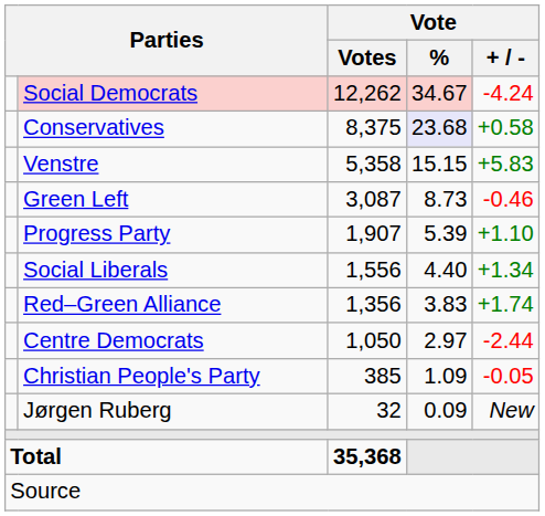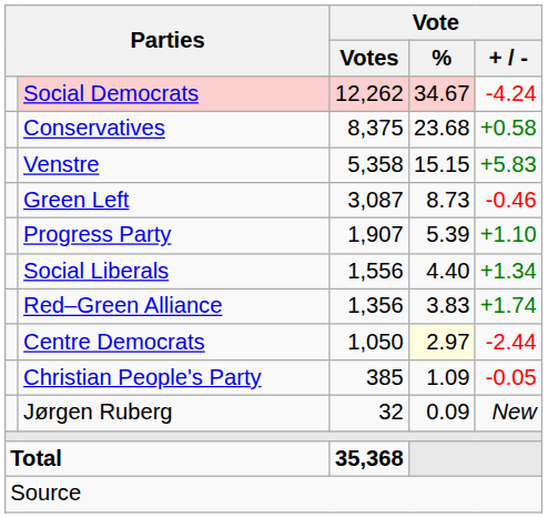 <table class="wikitable" style="text-align:right;">
 <tr>
 <th style="text-align:centre;" rowspan="2" colspan="2" width="225">Parties</th>
 <th colspan="3">Vote</th>
 </tr>
 <tr>
 <th width="15">Votes</th>
 <th width="15">%</th>
 <th width="15">+ / -</th>
 </tr>
 <tr>
 <td width="2" style="color:inherit;background:"></td>
 <td bgcolor=#fbd0ce  align="left"><a href='#'>Social Democrats</a></td>
 <td bgcolor=#fbd0ce>12,262</td>
 <td bgcolor=#fbd0ce>34.67</td>
 <td style=color:red;>-4.24</td>
 </tr>
 <tr>
 <td width="2" style="color:inherit;background:"></td>
 <td align="left"><a href='#'>Conservatives</a></td>
 <td>8,375</td>
-<td style="background: lavender;">23.68</td>
+<td>23.68</td>
 <td style=color:green;>+0.58</td>
 </tr>
 <tr>
 <td width="2" style="color:inherit;background:"></td>
 <td align="left"><a href='#'>Venstre</a></td>
 <td>5,358</td>
 <td>15.15</td>
 <td style=color:green;>+5.83</td>
 </tr>
 <tr>
 <td width="2" style="color:inherit;background:"></td>
 <td align="left"><a href='#'>Green Left</a></td>
 <td>3,087</td>
 <td>8.73</td>
 <td style=color:red;>-0.46</td>
 </tr>
 <tr>
 <td width="2" style="color:inherit;background:"></td>
 <td align="left"><a href='#'>Progress Party</a></td>
 <td>1,907</td>
 <td>5.39</td>
 <td style=color:green;>+1.10</td>
 </tr>
 <tr>
 <td width="2" style="color:inherit;background:"></td>
 <td align="left"><a href='#'>Social Liberals</a></td>
 <td>1,556</td>
 <td>4.40</td>
 <td style=color:green;>+1.34</td>
 </tr>
 <tr>
 <td width="2" style="color:inherit;background:"></td>
 <td align="left"><a href='#'>Red–Green Alliance</a></td>
 <td>1,356</td>
 <td>3.83</td>
 <td style=color:green;>+1.74</td>
 </tr>
 <tr>
 <td width="2" style="color:inherit;background:"></td>
 <td align="left"><a href='#'>Centre Democrats</a></td>
 <td>1,050</td>
-<td>2.97</td>
+<td style="background: lightyellow;">2.97</td>
 <td style=color:red;>-2.44</td>
 </tr>
 <tr>
 <td width="2" style="color:inherit;background:"></td>
 <td align="left"><a href='#'>Christian People's Party</a></td>
 <td>385</td>
 <td>1.09</td>
 <td style=color:red;>-0.05</td>
 </tr>
 <tr>
 <td width="2" style="color:inherit;background:"></td>
 <td align="left">Jørgen Ruberg</td>
 <td>32</td>
 <td>0.09</td>
 <td><em>New</em></td>
 </tr>
 <tr>
 <td colspan="7" bgcolor="#E9E9E9"></td>
 </tr>
 <tr>
 <td align="left" colspan="2"><strong>Total</strong></td>
 <td><strong>35,368</strong></td>
 <td bgcolor="#E9E9E9" colspan="2"></td>
 </tr>
 <tr>
 <td align="left" colspan="6">Source</td>
 </tr>
 </table>
